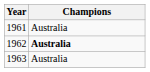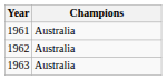 <table class="wikitable">
 <tr>
 <th>Year</th>
 <th style="width:180px">Champions</th>
 </tr>
 <tr>
 <td>1961</td>
 <td> Australia</td>
 </tr>
 <tr>
 <td>1962</td>
-<td><strong> Australia</strong></td>
+<td> Australia</td>
 </tr>
 <tr>
 <td>1963</td>
 <td> Australia</td>
 </tr>
 </table>
